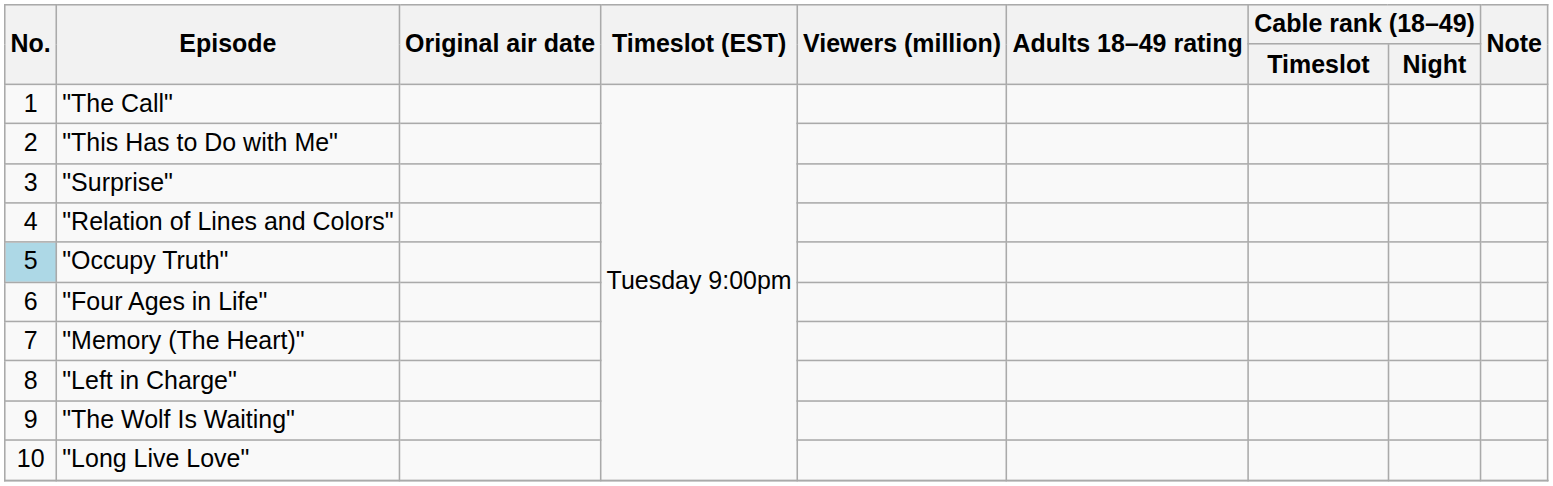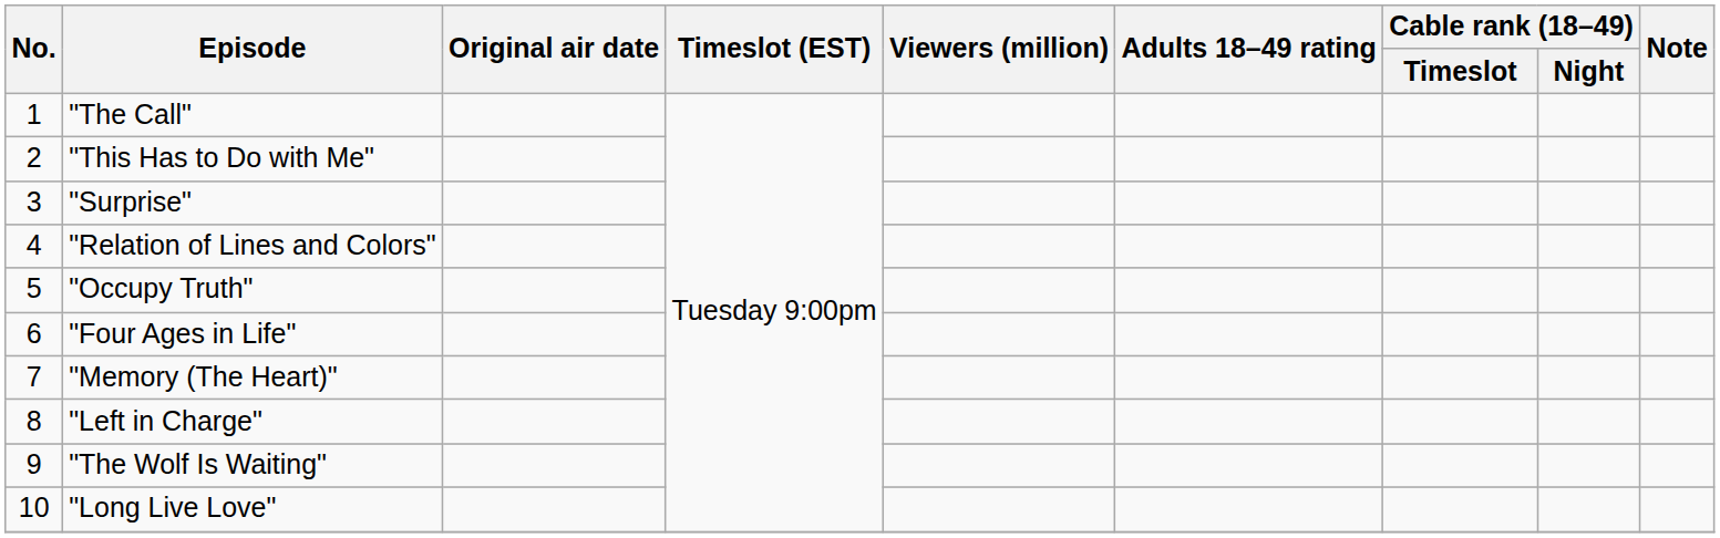 <table style="text-align:center;" class="wikitable sortable">
 <tr>
 <th rowspan="2">No.</th>
 <th rowspan="2">Episode</th>
 <th rowspan="2">Original air date</th>
 <th rowspan="2">Timeslot (EST)</th>
 <th rowspan="2">Viewers (million)</th>
 <th rowspan="2">Adults 18–49 rating</th>
 <th scope="col" colspan=2>Cable rank (18–49)</th>
 <th scope="col" rowspan="2">Note</th>
 </tr>
 <tr>
 <th scope="col">Timeslot</th>
 <th scope="col">Night</th>
 </tr>
 <tr>
 <td>1</td>
 <td style="text-align:left">"The Call"</td>
 <td></td>
 <td rowspan="10">Tuesday 9:00pm</td>
 <td></td>
 <td></td>
 <td></td>
 <td></td>
 <td></td>
 </tr>
 <tr>
 <td>2</td>
 <td style="text-align:left">"This Has to Do with Me"</td>
 <td></td>
 <td></td>
 <td></td>
 <td></td>
 <td></td>
 <td></td>
 </tr>
 <tr>
 <td>3</td>
 <td style="text-align:left">"Surprise"</td>
 <td></td>
 <td></td>
 <td></td>
 <td></td>
 <td></td>
 <td></td>
 </tr>
 <tr>
 <td>4</td>
 <td style="text-align:left">"Relation of Lines and Colors"</td>
 <td></td>
 <td></td>
 <td></td>
 <td></td>
 <td></td>
 <td></td>
 </tr>
 <tr>
-<td style="background: lightblue;">5</td>
+<td>5</td>
 <td style="text-align:left">"Occupy Truth"</td>
 <td></td>
 <td></td>
 <td></td>
 <td></td>
 <td></td>
 <td></td>
 </tr>
 <tr>
 <td>6</td>
 <td style="text-align:left">"Four Ages in Life"</td>
 <td></td>
 <td></td>
 <td></td>
 <td></td>
 <td></td>
 <td></td>
 </tr>
 <tr>
 <td>7</td>
 <td style="text-align:left">"Memory (The Heart)"</td>
 <td></td>
 <td></td>
 <td></td>
 <td></td>
 <td></td>
 <td></td>
 </tr>
 <tr>
 <td>8</td>
 <td style="text-align:left">"Left in Charge"</td>
 <td></td>
 <td></td>
 <td></td>
 <td></td>
 <td></td>
 <td></td>
 </tr>
 <tr>
 <td>9</td>
 <td style="text-align:left">"The Wolf Is Waiting"</td>
 <td></td>
 <td></td>
 <td></td>
 <td></td>
 <td></td>
 <td></td>
 </tr>
 <tr>
 <td>10</td>
 <td style="text-align:left">"Long Live Love"</td>
 <td></td>
 <td></td>
 <td></td>
 <td></td>
 <td></td>
 <td></td>
 </tr>
 <tr>
 </tr>
 </table>
